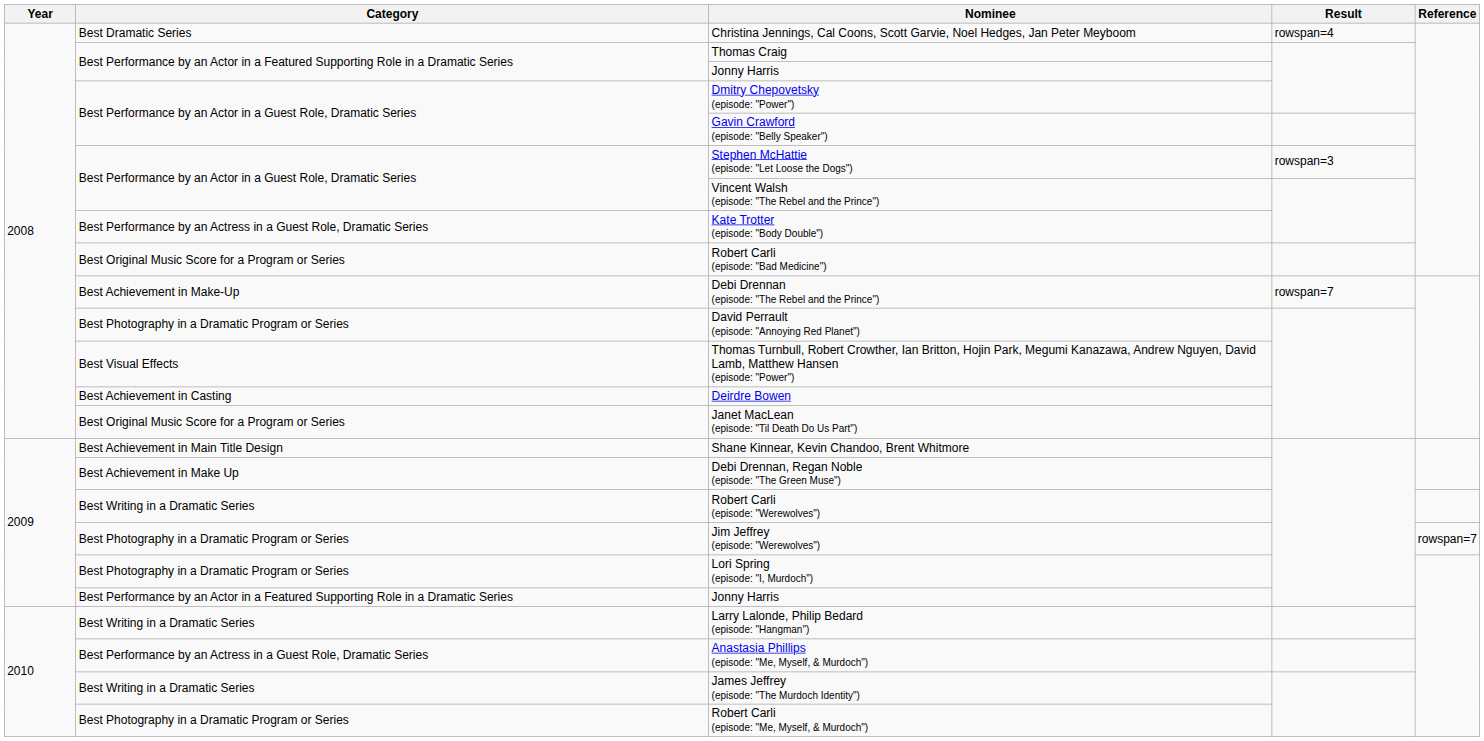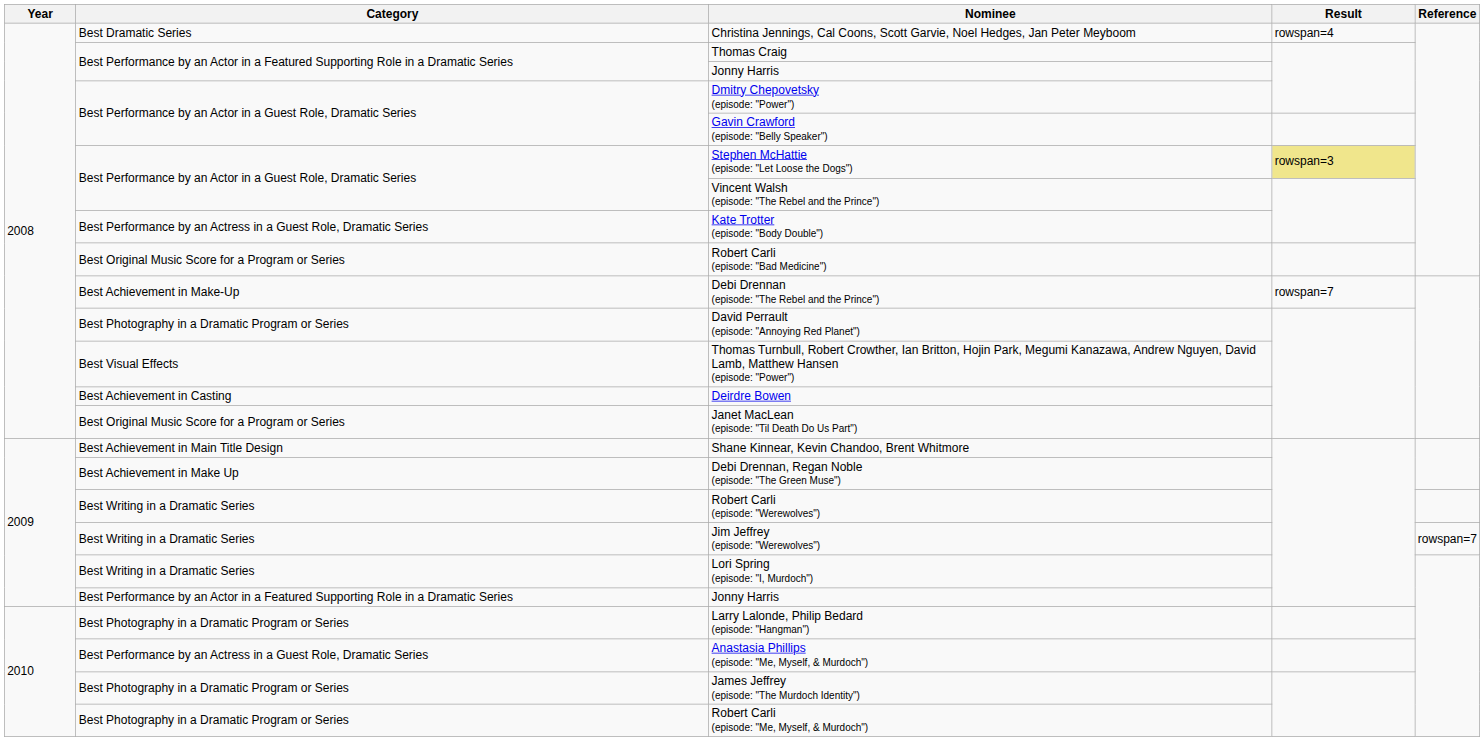 <table class="wikitable">
 <tr>
 <th width=5%>Year</th>
 <th width=45%>Category</th>
 <th width=40%>Nominee</th>
 <th width=10%>Result</th>
 <th width=5%>Reference</th>
 </tr>
 <tr>
 <td rowspan=14>2008</td>
 <td>Best Dramatic Series</td>
 <td>Christina Jennings, Cal Coons, Scott Garvie, Noel Hedges, Jan Peter Meyboom</td>
 <td>rowspan=4 </td>
 <td rowspan=9></td>
 </tr>
 <tr>
 <td rowspan=2>Best Performance by an Actor in a Featured Supporting Role in a Dramatic Series</td>
 <td>Thomas Craig</td>
 </tr>
 <tr>
 <td>Jonny Harris</td>
 </tr>
 <tr>
 <td rowspan=2>Best Performance by an Actor in a Guest Role, Dramatic Series</td>
 <td><a href='#'>Dmitry Chepovetsky</a><br><small>(episode: "Power")</small></td>
 </tr>
 <tr>
 <td><a href='#'>Gavin Crawford</a><br><small>(episode: "Belly Speaker")</small></td>
 <td></td>
 </tr>
 <tr>
 <td rowspan=2>Best Performance by an Actor in a Guest Role, Dramatic Series</td>
 <td><a href='#'>Stephen McHattie</a><br><small>(episode: "Let Loose the Dogs")</small></td>
-<td>rowspan=3 </td>
+<td style="background: khaki;">rowspan=3 </td>
 </tr>
 <tr>
 <td>Vincent Walsh<br><small>(episode: "The Rebel and the Prince")</small></td>
 </tr>
 <tr>
 <td>Best Performance by an Actress in a Guest Role, Dramatic Series</td>
 <td><a href='#'>Kate Trotter</a><br><small>(episode: "Body Double")</small></td>
 </tr>
 <tr>
 <td>Best Original Music Score for a Program or Series</td>
 <td>Robert Carli<br><small>(episode: "Bad Medicine")</small></td>
 <td></td>
 </tr>
 <tr>
 <td>Best Achievement in Make-Up</td>
 <td>Debi Drennan<br><small>(episode: "The Rebel and the Prince")</small></td>
 <td>rowspan=7 </td>
 <td rowspan=5></td>
 </tr>
 <tr>
 <td>Best Photography in a Dramatic Program or Series</td>
 <td>David Perrault<br><small>(episode: "Annoying Red Planet")</small></td>
 </tr>
 <tr>
 <td>Best Visual Effects</td>
 <td>Thomas Turnbull, Robert Crowther, Ian Britton, Hojin Park, Megumi Kanazawa, Andrew Nguyen, David Lamb, Matthew Hansen<br><small>(episode: "Power")</small></td>
 </tr>
 <tr>
 <td>Best Achievement in Casting</td>
 <td><a href='#'>Deirdre Bowen</a></td>
 </tr>
 <tr>
 <td>Best Original Music Score for a Program or Series</td>
 <td>Janet MacLean<br><small>(episode: "Til Death Do Us Part")</small></td>
 </tr>
 <tr>
 <td rowspan=6>2009</td>
 <td>Best Achievement in Main Title Design</td>
 <td>Shane Kinnear, Kevin Chandoo, Brent Whitmore</td>
 <td rowspan=6></td>
 </tr>
 <tr>
 <td>Best Achievement in Make Up</td>
 <td>Debi Drennan, Regan Noble<br><small>(episode: "The Green Muse")</small></td>
 </tr>
 <tr>
 <td>Best Writing in a Dramatic Series</td>
 <td>Robert Carli<br><small>(episode: "Werewolves")</small></td>
 <td></td>
 </tr>
 <tr>
-<td>Best Photography in a Dramatic Program or Series</td>
+<td>Best Writing in a Dramatic Series</td>
 <td>Jim Jeffrey<br><small>(episode: "Werewolves")</small></td>
 <td>rowspan=7 </td>
 </tr>
 <tr>
-<td>Best Photography in a Dramatic Program or Series</td>
+<td>Best Writing in a Dramatic Series</td>
 <td>Lori Spring<br><small>(episode: "I, Murdoch")</small></td>
 </tr>
 <tr>
 <td>Best Performance by an Actor in a Featured Supporting Role in a Dramatic Series</td>
 <td>Jonny Harris</td>
 </tr>
 <tr>
 <td rowspan=4>2010</td>
-<td>Best Writing in a Dramatic Series</td>
+<td>Best Photography in a Dramatic Program or Series</td>
 <td>Larry Lalonde, Philip Bedard<br><small>(episode: "Hangman")</small></td>
 <td></td>
 </tr>
 <tr>
 <td>Best Performance by an Actress in a Guest Role, Dramatic Series</td>
 <td><a href='#'>Anastasia Phillips</a><br><small>(episode: "Me, Myself, & Murdoch")</small></td>
 <td></td>
 </tr>
 <tr>
-<td>Best Writing in a Dramatic Series</td>
+<td>Best Photography in a Dramatic Program or Series</td>
 <td>James Jeffrey<br><small>(episode: "The Murdoch Identity")</small></td>
 <td rowspan=2></td>
 </tr>
 <tr>
 <td>Best Photography in a Dramatic Program or Series</td>
 <td>Robert Carli<br><small>(episode: "Me, Myself, & Murdoch")</small></td>
 </tr>
 </table>
